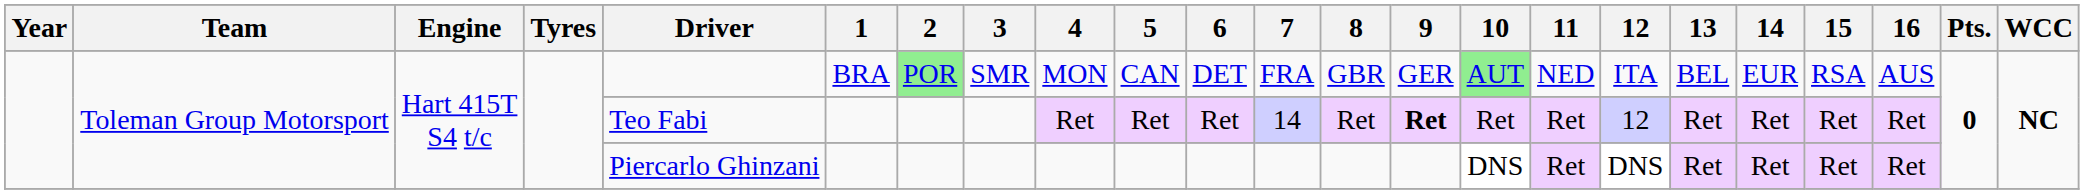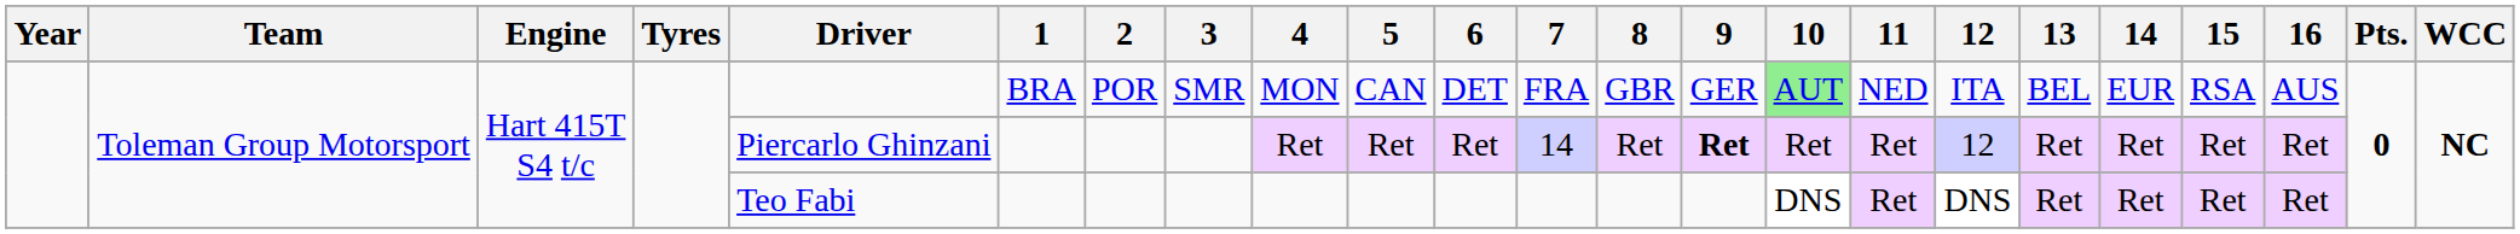 <table class="wikitable" style="text-align:center; font-size:95%">
 <tr>
 <th>Year</th>
 <th>Team</th>
 <th>Engine</th>
 <th>Tyres</th>
 <th>Driver</th>
 <th>1</th>
 <th>2</th>
 <th>3</th>
 <th>4</th>
 <th>5</th>
 <th>6</th>
 <th>7</th>
 <th>8</th>
 <th>9</th>
 <th>10</th>
 <th>11</th>
 <th>12</th>
 <th>13</th>
 <th>14</th>
 <th>15</th>
 <th>16</th>
 <th>Pts.</th>
 <th>WCC</th>
 </tr>
 <tr>
 <td rowspan="3"></td>
 <td rowspan="3"><a href='#'>Toleman Group Motorsport</a></td>
 <td rowspan="3"><a href='#'>Hart 415T</a><br><a href='#'>S4</a> <a href='#'>t/c</a></td>
 <td rowspan="3"></td>
 <td></td>
 <td><a href='#'>BRA</a></td>
-<td style="background: lightgreen;"><a href='#'>POR</a></td>
+<td><a href='#'>POR</a></td>
 <td><a href='#'>SMR</a></td>
 <td><a href='#'>MON</a></td>
 <td><a href='#'>CAN</a></td>
 <td><a href='#'>DET</a></td>
 <td><a href='#'>FRA</a></td>
 <td><a href='#'>GBR</a></td>
 <td><a href='#'>GER</a></td>
 <td style="background: lightgreen;"><a href='#'>AUT</a></td>
 <td><a href='#'>NED</a></td>
 <td><a href='#'>ITA</a></td>
 <td><a href='#'>BEL</a></td>
 <td><a href='#'>EUR</a></td>
 <td><a href='#'>RSA</a></td>
 <td><a href='#'>AUS</a></td>
 <td rowspan="3"><strong>0</strong></td>
 <td rowspan="3"><strong>NC</strong></td>
 </tr>
 <tr>
-<td align="left"><a href='#'>Teo Fabi</a></td>
+<td align="left"><a href='#'>Piercarlo Ghinzani</a></td>
 <td></td>
 <td></td>
 <td></td>
 <td style="background:#efcfff;">Ret</td>
 <td style="background:#efcfff;">Ret</td>
 <td style="background:#efcfff;">Ret</td>
 <td style="background:#cfcfff;">14</td>
 <td style="background:#efcfff;">Ret</td>
 <td style="background:#efcfff;"><strong>Ret</strong></td>
 <td style="background:#efcfff;">Ret</td>
 <td style="background:#efcfff;">Ret</td>
 <td style="background:#cfcfff;">12</td>
 <td style="background:#efcfff;">Ret</td>
 <td style="background:#efcfff;">Ret</td>
 <td style="background:#efcfff;">Ret</td>
 <td style="background:#efcfff;">Ret</td>
 </tr>
 <tr>
-<td align="left"><a href='#'>Piercarlo Ghinzani</a></td>
+<td align="left"><a href='#'>Teo Fabi</a></td>
 <td></td>
 <td></td>
 <td></td>
 <td></td>
 <td></td>
 <td></td>
 <td></td>
 <td></td>
 <td></td>
 <td style="background:#ffffff;">DNS</td>
 <td style="background:#efcfff;">Ret</td>
 <td style="background:#ffffff;">DNS</td>
 <td style="background:#efcfff;">Ret</td>
 <td style="background:#efcfff;">Ret</td>
 <td style="background:#efcfff;">Ret</td>
 <td style="background:#efcfff;">Ret</td>
 </tr>
 </table>
